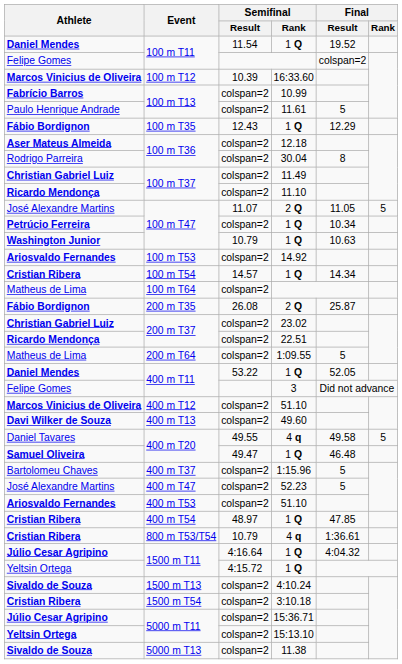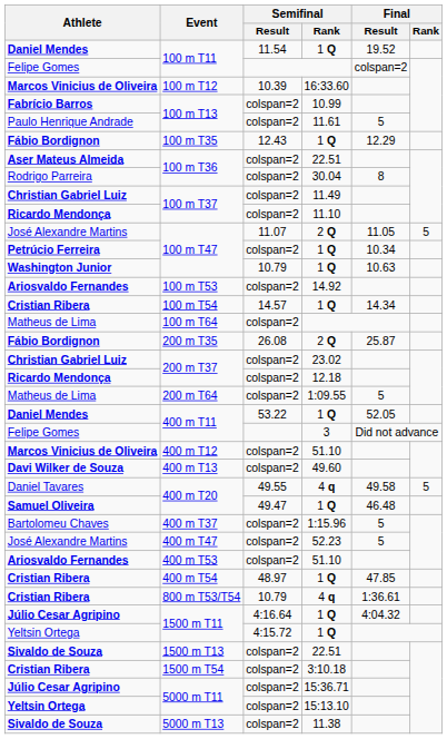 <table class="wikitable" style="font-size:90%">
 <tr>
 <th rowspan="2">Athlete</th>
 <th rowspan="2">Event</th>
 <th colspan="2">Semifinal</th>
 <th colspan="2">Final</th>
 </tr>
 <tr style="font-size:95%">
 <th>Result</th>
 <th>Rank</th>
 <th>Result</th>
 <th>Rank</th>
 </tr>
 <tr align=center>
 <td align=left><strong><a href='#'>Daniel Mendes</a></strong></td>
 <td align=left rowspan=2><a href='#'>100 m T11</a></td>
 <td>11.54</td>
 <td>1 <strong>Q</strong></td>
 <td>19.52</td>
 <td></td>
 </tr>
 <tr align=center>
 <td align=left><a href='#'>Felipe Gomes</a></td>
 <td colspan=2></td>
 <td>colspan=2 </td>
 </tr>
 <tr align=center>
 <td align=left><strong><a href='#'>Marcos Vinicius de Oliveira</a></strong></td>
 <td align=left><a href='#'>100 m T12</a></td>
 <td>10.39</td>
 <td>16:33.60</td>
 <td></td>
 </tr>
 <tr align=center>
 <td align=left><strong><a href='#'>Fabrício Barros</a></strong></td>
 <td align=left rowspan=2><a href='#'>100 m T13</a></td>
 <td>colspan=2 </td>
 <td>10.99</td>
 <td></td>
 </tr>
 <tr align=center>
 <td align=left><a href='#'>Paulo Henrique Andrade</a></td>
 <td>colspan=2 </td>
 <td>11.61</td>
 <td>5</td>
 </tr>
 <tr align=center>
 <td align=left><strong><a href='#'>Fábio Bordignon</a></strong></td>
 <td align=left><a href='#'>100 m T35</a></td>
 <td>12.43</td>
 <td>1 <strong>Q</strong></td>
 <td>12.29</td>
 <td></td>
 </tr>
 <tr align=center>
 <td align=left><strong><a href='#'>Aser Mateus Almeida</a></strong></td>
 <td align=left rowspan=2><a href='#'>100 m T36</a></td>
 <td>colspan=2 </td>
-<td>12.18</td>
+<td>22.51</td>
 <td></td>
 </tr>
 <tr align=center>
 <td align=left><a href='#'>Rodrigo Parreira</a></td>
 <td>colspan=2 </td>
 <td>30.04</td>
 <td>8</td>
 </tr>
 <tr align=center>
 <td align=left><strong><a href='#'>Christian Gabriel Luiz</a></strong></td>
 <td align=left rowspan=2><a href='#'>100 m T37</a></td>
 <td>colspan=2 </td>
 <td>11.49</td>
 <td></td>
 </tr>
 <tr align=center>
 <td align=left><strong><a href='#'>Ricardo Mendonça</a></strong></td>
 <td>colspan=2 </td>
 <td>11.10</td>
 <td></td>
 </tr>
 <tr align=center>
 <td align=left><a href='#'>José Alexandre Martins</a></td>
 <td align=left rowspan=3><a href='#'>100 m T47</a></td>
 <td>11.07</td>
 <td>2 <strong>Q</strong></td>
 <td>11.05</td>
 <td>5</td>
 </tr>
 <tr align=center>
 <td align=left><strong><a href='#'>Petrúcio Ferreira</a></strong></td>
 <td>colspan=2 </td>
 <td>1 <strong>Q</strong></td>
 <td>10.34</td>
 <td></td>
 </tr>
 <tr align=center>
 <td align=left><strong><a href='#'>Washington Junior</a></strong></td>
 <td>10.79</td>
 <td>1 <strong>Q</strong></td>
 <td>10.63</td>
 <td></td>
 </tr>
 <tr align=center>
 <td align=left><strong><a href='#'>Ariosvaldo Fernandes</a></strong></td>
 <td align=left><a href='#'>100 m T53</a></td>
 <td>colspan=2 </td>
 <td>14.92</td>
 <td></td>
 </tr>
 <tr align=center>
 <td align=left><strong><a href='#'>Cristian Ribera</a></strong></td>
 <td align=left><a href='#'>100 m T54</a></td>
 <td>14.57</td>
 <td>1 <strong>Q</strong></td>
 <td>14.34</td>
 <td></td>
 </tr>
 <tr align=center>
 <td align=left><a href='#'>Matheus de Lima</a></td>
 <td align=left><a href='#'>100 m T64</a></td>
 <td>colspan=2 </td>
 <td colspan=2></td>
 </tr>
 <tr align=center>
 <td align=left><strong><a href='#'>Fábio Bordignon</a></strong></td>
 <td align=left><a href='#'>200 m T35</a></td>
 <td>26.08</td>
 <td>2 <strong>Q</strong></td>
 <td>25.87</td>
 <td></td>
 </tr>
 <tr align=center>
 <td align=left><strong><a href='#'>Christian Gabriel Luiz</a></strong></td>
 <td align=left rowspan=2><a href='#'>200 m T37</a></td>
 <td>colspan=2 </td>
 <td>23.02</td>
 <td></td>
 </tr>
 <tr align=center>
 <td align=left><strong><a href='#'>Ricardo Mendonça</a></strong></td>
 <td>colspan=2 </td>
-<td>22.51</td>
+<td>12.18</td>
 <td></td>
 </tr>
 <tr align=center>
 <td align=left><a href='#'>Matheus de Lima</a></td>
 <td align=left><a href='#'>200 m T64</a></td>
 <td>colspan=2 </td>
 <td>1:09.55</td>
 <td>5</td>
 </tr>
 <tr align=center>
 <td align=left><strong><a href='#'>Daniel Mendes</a></strong></td>
 <td align=left rowspan=2><a href='#'>400 m T11</a></td>
 <td>53.22</td>
 <td>1 <strong>Q</strong></td>
 <td>52.05</td>
 <td></td>
 </tr>
 <tr align=center>
 <td align=left><a href='#'>Felipe Gomes</a></td>
 <td></td>
 <td>3</td>
 <td colspan=2>Did not advance</td>
 </tr>
 <tr align=center>
 <td align=left><strong><a href='#'>Marcos Vinicius de Oliveira</a></strong></td>
 <td align=left><a href='#'>400 m T12</a></td>
 <td>colspan=2 </td>
 <td>51.10</td>
 <td></td>
 </tr>
 <tr align=center>
 <td align=left><strong><a href='#'>Davi Wilker de Souza</a></strong></td>
 <td align=left><a href='#'>400 m T13</a></td>
 <td>colspan=2 </td>
 <td>49.60</td>
 <td></td>
 </tr>
 <tr align=center>
 <td align=left><a href='#'>Daniel Tavares</a></td>
 <td align=left rowspan=2><a href='#'>400 m T20</a></td>
 <td>49.55</td>
 <td>4 <strong>q</strong></td>
 <td>49.58</td>
 <td>5</td>
 </tr>
 <tr align=center>
 <td align=left><strong><a href='#'>Samuel Oliveira</a></strong></td>
 <td>49.47</td>
 <td>1 <strong>Q</strong></td>
 <td>46.48</td>
 <td></td>
 </tr>
 <tr align=center>
 <td align=left><a href='#'>Bartolomeu Chaves</a></td>
 <td align=left><a href='#'>400 m T37</a></td>
 <td>colspan=2 </td>
 <td>1:15.96</td>
 <td>5</td>
 </tr>
 <tr align=center>
 <td align=left><a href='#'>José Alexandre Martins</a></td>
 <td align=left><a href='#'>400 m T47</a></td>
 <td>colspan=2 </td>
 <td>52.23</td>
 <td>5</td>
 </tr>
 <tr align=center>
 <td align=left><strong><a href='#'>Ariosvaldo Fernandes</a></strong></td>
 <td align=left><a href='#'>400 m T53</a></td>
 <td>colspan=2 </td>
 <td>51.10</td>
 <td></td>
 </tr>
 <tr align=center>
 <td align=left><strong><a href='#'>Cristian Ribera</a></strong></td>
 <td align=left><a href='#'>400 m T54</a></td>
 <td>48.97</td>
 <td>1 <strong>Q</strong></td>
 <td>47.85</td>
 <td></td>
 </tr>
 <tr align=center>
 <td align=left><strong><a href='#'>Cristian Ribera</a></strong></td>
 <td align=left><a href='#'>800 m T53/T54</a></td>
 <td>10.79</td>
 <td>4 <strong>q</strong></td>
 <td>1:36.61</td>
 <td></td>
 </tr>
 <tr align=center>
 <td align=left><strong><a href='#'>Júlio Cesar Agripino</a></strong></td>
 <td align=left rowspan=2><a href='#'>1500 m T11</a></td>
 <td>4:16.64</td>
 <td>1 <strong>Q</strong></td>
 <td>4:04.32</td>
 <td></td>
 </tr>
 <tr align=center>
 <td align=left><a href='#'>Yeltsin Ortega</a></td>
 <td>4:15.72</td>
 <td>1 <strong>Q</strong></td>
 <td colspan=2></td>
 </tr>
 <tr align=center>
 <td align=left><strong><a href='#'>Sivaldo de Souza</a></strong></td>
 <td align=left><a href='#'>1500 m T13</a></td>
 <td>colspan=2 </td>
-<td>4:10.24</td>
+<td>22.51</td>
 <td></td>
 </tr>
 <tr align=center>
 <td align=left><strong><a href='#'>Cristian Ribera</a></strong></td>
 <td align=left><a href='#'>1500 m T54</a></td>
 <td>colspan=2 </td>
 <td>3:10.18</td>
 <td></td>
 </tr>
 <tr align=center>
 <td align=left><strong><a href='#'>Júlio Cesar Agripino</a></strong></td>
 <td align=left rowspan=2><a href='#'>5000 m T11</a></td>
 <td>colspan=2 </td>
 <td>15:36.71</td>
 <td></td>
 </tr>
 <tr align=center>
 <td align=left><strong><a href='#'>Yeltsin Ortega</a></strong></td>
 <td>colspan=2 </td>
 <td>15:13.10</td>
 <td></td>
 </tr>
 <tr align=center>
 <td align=left><strong><a href='#'>Sivaldo de Souza</a></strong></td>
 <td align=left><a href='#'>5000 m T13</a></td>
 <td>colspan=2 </td>
 <td>11.38</td>
 <td></td>
 </tr>
 </table>
